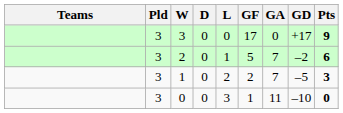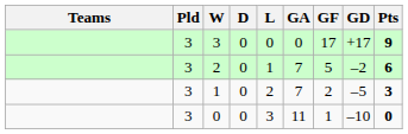 <table class="wikitable" style="text-align: center;">
 <tr>
 <th width=165>Teams</th>
 <th width=20>Pld</th>
 <th width=20>W</th>
 <th width=20>D</th>
 <th width=20>L</th>
+<th width=20>GA</th>
 <th width=20>GF</th>
-<th width=20>GA</th>
 <th width=20>GD</th>
 <th width=20>Pts</th>
 </tr>
 <tr align=center style="background:#ccffcc;">
 <td style="text-align:left;"></td>
 <td>3</td>
 <td>3</td>
 <td>0</td>
 <td>0</td>
+<td>0</td>
 <td>17</td>
-<td>0</td>
 <td>+17</td>
 <td><strong>9</strong></td>
 </tr>
 <tr align=center style="background:#ccffcc;">
 <td style="text-align:left;"></td>
 <td>3</td>
 <td>2</td>
 <td>0</td>
 <td>1</td>
+<td>7</td>
 <td>5</td>
-<td>7</td>
 <td>–2</td>
 <td><strong>6</strong></td>
 </tr>
 <tr align=center>
 <td style="text-align:left;"></td>
 <td>3</td>
 <td>1</td>
 <td>0</td>
 <td>2</td>
+<td>7</td>
 <td>2</td>
-<td>7</td>
 <td>–5</td>
 <td><strong>3</strong></td>
 </tr>
 <tr align=center>
 <td style="text-align:left;"></td>
 <td>3</td>
 <td>0</td>
 <td>0</td>
 <td>3</td>
+<td>11</td>
 <td>1</td>
-<td>11</td>
 <td>–10</td>
 <td><strong>0</strong></td>
 </tr>
 </table>
